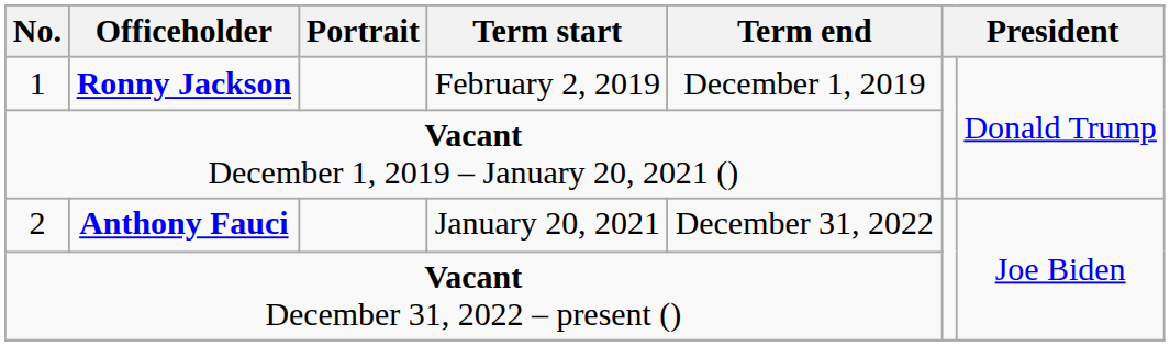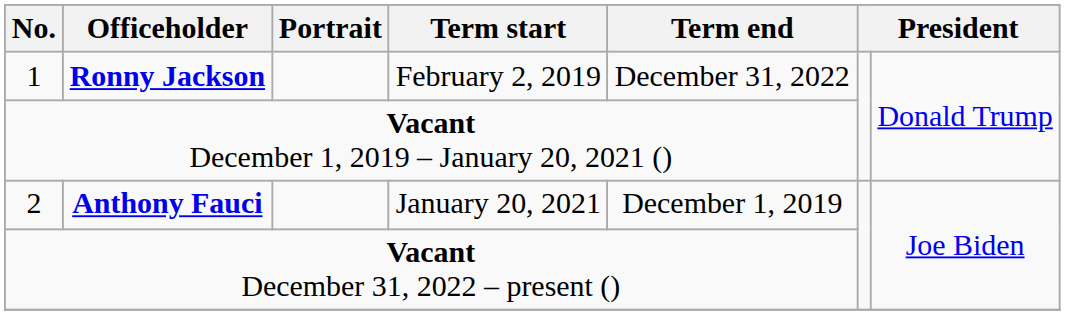 <table class="wikitable" style="text-align:center">
 <tr>
 <th>No.</th>
 <th>Officeholder</th>
 <th>Portrait</th>
 <th>Term start</th>
 <th>Term end</th>
 <th colspan="2">President</th>
 </tr>
 <tr>
 <td>1</td>
 <td align="center"><strong><a href='#'>Ronny Jackson</a></strong></td>
 <td></td>
 <td>February 2, 2019</td>
-<td>December 1, 2019</td>
+<td>December 31, 2022</td>
 <td rowspan="2" style="background: "></td>
 <td rowspan="2"><a href='#'>Donald Trump</a></td>
 </tr>
 <tr |-style="text-align:center;">
 <td colspan=5><strong>Vacant</strong><br>December 1, 2019 – January 20, 2021 ()</td>
 </tr>
 <tr>
 <td>2</td>
 <td align="center"><strong><a href='#'>Anthony Fauci</a></strong></td>
 <td></td>
 <td>January 20, 2021</td>
-<td>December 31, 2022</td>
+<td>December 1, 2019</td>
 <td rowspan="2" style="background: "></td>
 <td rowspan="2"><a href='#'>Joe Biden</a></td>
 </tr>
 <tr |-style="text-align:center;">
 <td colspan=5><strong>Vacant</strong><br>December 31, 2022 – present ()</td>
 </tr>
 <tr>
 </tr>
 </table>
